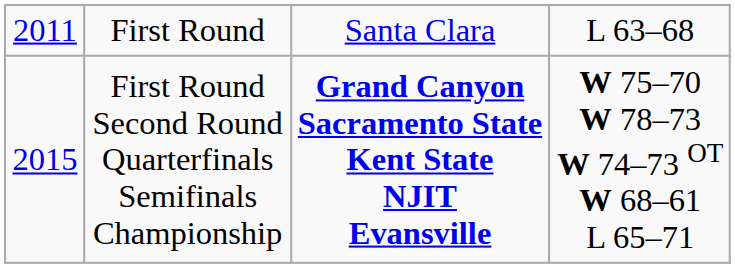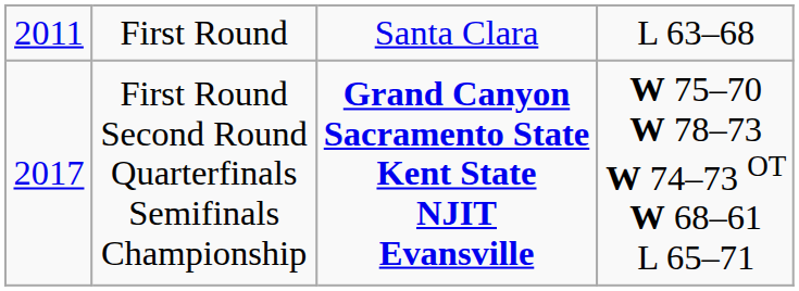 <table class=wikitable style="text-align:center">
 <tr>
 <td><a href='#'>2011</a></td>
 <td>First Round</td>
 <td><a href='#'>Santa Clara</a></td>
 <td>L 63–68</td>
 </tr>
 <tr>
-<td><a href='#'>2015</a></td>
+<td><a href='#'>2017</a></td>
 <td>First Round<br>Second Round<br>Quarterfinals<br>Semifinals<br>Championship</td>
 <td><strong><a href='#'>Grand Canyon</a><br><a href='#'>Sacramento State</a><br><a href='#'>Kent State</a><br><a href='#'>NJIT</a><br><a href='#'>Evansville</a></strong></td>
 <td><strong>W</strong> 75–70<br><strong>W</strong> 78–73<br><strong>W</strong> 74–73 <sup>OT</sup><br><strong>W</strong> 68–61<br>L 65–71</td>
 </tr>
 </table>
